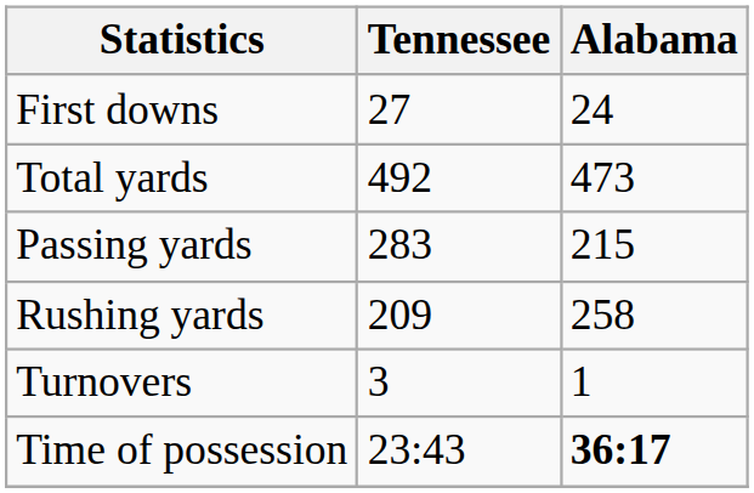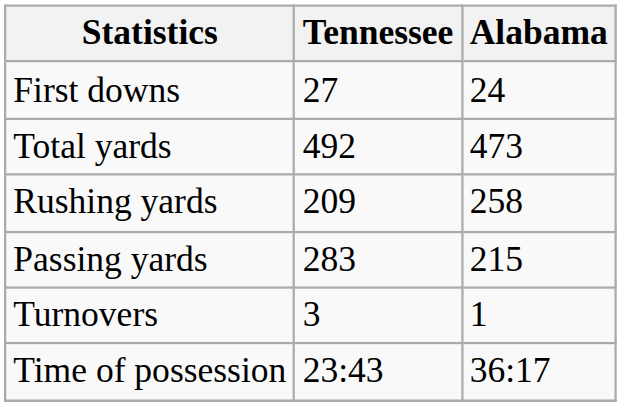 <table class="wikitable" style="float: left;">
 <tr>
 <th>Statistics</th>
 <th>Tennessee</th>
 <th>Alabama</th>
 </tr>
 <tr>
 <td>First downs</td>
 <td>27</td>
 <td>24</td>
 </tr>
 <tr>
 <td>Total yards</td>
 <td>492</td>
 <td>473</td>
 </tr>
 <tr>
+<td>Rushing yards</td>
+<td>209</td>
+<td>258</td>
+</tr>
+<tr>
 <td>Passing yards</td>
 <td>283</td>
 <td>215</td>
-</tr>
-<tr>
-<td>Rushing yards</td>
-<td>209</td>
-<td>258</td>
 </tr>
 <tr>
 <td>Turnovers</td>
 <td>3</td>
 <td>1</td>
 </tr>
 <tr>
 <td>Time of possession</td>
 <td>23:43</td>
-<td><strong>36:17</strong></td>
+<td>36:17</td>
 </tr>
 <tr>
 </tr>
 </table>
